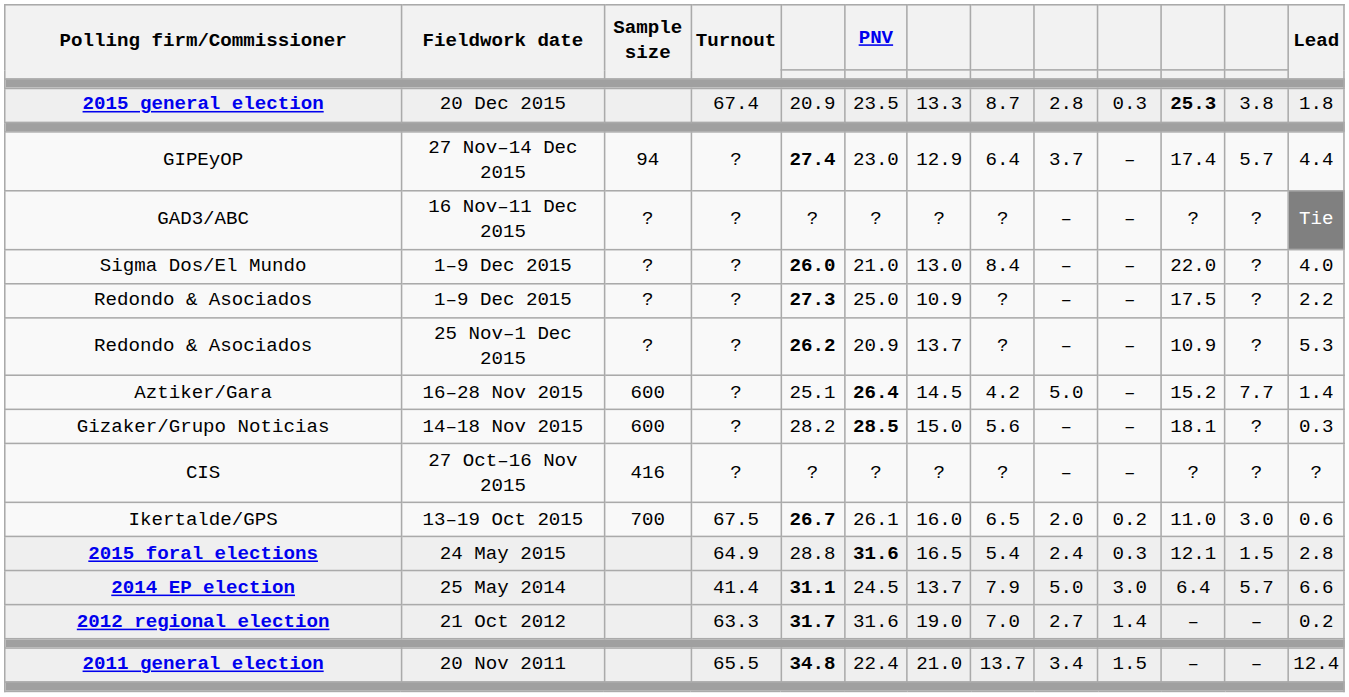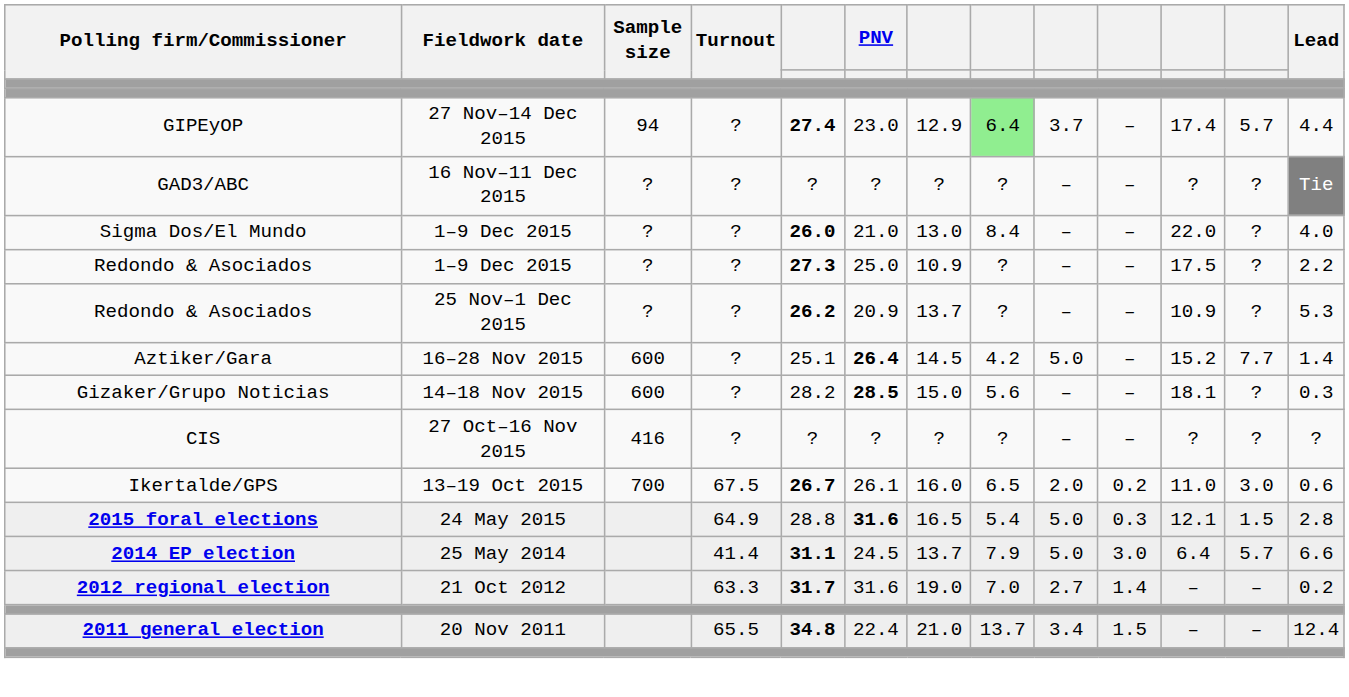 <table class="wikitable collapsible collapsed" style="text-align:center; font-size:95%; line-height:16px;">
 <tr style="height:42px; background-color:#E9E9E9">
 <th style="width:250px;" rowspan="2">Polling firm/Commissioner</th>
 <th style="width:125px;" rowspan="2">Fieldwork date</th>
 <th style="width:50px;" rowspan="2">Sample size</th>
 <th style="width:45px;" rowspan="2">Turnout</th>
 <th style="width:35px;"><br></th>
 <th style="width:35px;"><a href='#'>PNV</a></th>
 <th style="width:35px;"></th>
 <th style="width:35px;"></th>
 <th style="width:35px;"></th>
 <th style="width:35px;"></th>
 <th style="width:35px;"></th>
 <th style="width:35px;"></th>
 <th style="width:30px;" rowspan="2">Lead</th>
 </tr>
 <tr>
 <th style="color:inherit;background:"></th>
 <th style="color:inherit;background:"></th>
 <th style="color:inherit;background:"></th>
 <th style="color:inherit;background:"></th>
 <th style="color:inherit;background:"></th>
 <th style="color:inherit;background:"></th>
 <th style="color:inherit;background:"></th>
 <th style="color:inherit;background:"></th>
 </tr>
 <tr>
 <td colspan="13" style="background:#A0A0A0"></td>
 </tr>
-<tr style="background:#EFEFEF;">
-<td><strong><a href='#'>2015 general election</a></strong></td>
-<td>20 Dec 2015</td>
-<td></td>
-<td>67.4</td>
-<td>20.9<br></td>
-<td>23.5<br></td>
-<td>13.3<br></td>
-<td>8.7<br></td>
-<td>2.8<br></td>
-<td>0.3<br></td>
-<td><strong>25.3</strong><br></td>
-<td>3.8<br></td>
-<td style="background:">1.8</td>
-</tr>
 <tr>
 <td colspan="13" style="background:#A0A0A0"></td>
 </tr>
 <tr>
 <td>GIPEyOP</td>
 <td>27 Nov–14 Dec 2015</td>
 <td>94</td>
 <td>?</td>
 <td><strong>27.4</strong><br></td>
 <td>23.0<br></td>
 <td>12.9<br></td>
-<td>6.4<br></td>
+<td style="background: lightgreen;">6.4<br></td>
 <td>3.7<br></td>
 <td>–</td>
 <td>17.4<br></td>
 <td>5.7<br></td>
 <td style="background:">4.4</td>
 </tr>
 <tr>
 <td>GAD3/ABC</td>
 <td>16 Nov–11 Dec 2015</td>
 <td>?</td>
 <td>?</td>
 <td>?<br></td>
 <td>?<br></td>
 <td>?<br></td>
 <td>?<br></td>
 <td>–</td>
 <td>–</td>
 <td>?<br></td>
 <td>?<br></td>
 <td style="background:gray;color:white;">Tie</td>
 </tr>
 <tr>
 <td>Sigma Dos/El Mundo</td>
 <td>1–9 Dec 2015</td>
 <td>?</td>
 <td>?</td>
 <td><strong>26.0</strong><br></td>
 <td>21.0<br></td>
 <td>13.0<br></td>
 <td>8.4<br></td>
 <td>–</td>
 <td>–</td>
 <td>22.0<br></td>
 <td>?<br></td>
 <td style="background:">4.0</td>
 </tr>
 <tr>
 <td>Redondo & Asociados</td>
 <td>1–9 Dec 2015</td>
 <td>?</td>
 <td>?</td>
 <td><strong>27.3</strong><br></td>
 <td>25.0<br></td>
 <td>10.9<br></td>
 <td>?<br></td>
 <td>–</td>
 <td>–</td>
 <td>17.5<br></td>
 <td>?<br></td>
 <td style="background:">2.2</td>
 </tr>
 <tr>
 <td>Redondo & Asociados</td>
 <td>25 Nov–1 Dec 2015</td>
 <td>?</td>
 <td>?</td>
 <td><strong>26.2</strong><br></td>
 <td>20.9<br></td>
 <td>13.7<br></td>
 <td>?<br></td>
 <td>–</td>
 <td>–</td>
 <td>10.9<br></td>
 <td>?<br></td>
 <td style="background:">5.3</td>
 </tr>
 <tr>
 <td>Aztiker/Gara</td>
 <td>16–28 Nov 2015</td>
 <td>600</td>
 <td>?</td>
 <td>25.1<br></td>
 <td><strong>26.4</strong><br></td>
 <td>14.5<br></td>
 <td>4.2<br></td>
 <td>5.0<br></td>
 <td>–</td>
 <td>15.2<br></td>
 <td>7.7<br></td>
 <td style="background:">1.4</td>
 </tr>
 <tr>
 <td>Gizaker/Grupo Noticias</td>
 <td>14–18 Nov 2015</td>
 <td>600</td>
 <td>?</td>
 <td>28.2<br></td>
 <td><strong>28.5</strong><br></td>
 <td>15.0<br></td>
 <td>5.6<br></td>
 <td>–</td>
 <td>–</td>
 <td>18.1<br></td>
 <td>?<br></td>
 <td style="background:">0.3</td>
 </tr>
 <tr>
 <td>CIS</td>
 <td>27 Oct–16 Nov 2015</td>
 <td>416</td>
 <td>?</td>
 <td>?<br></td>
 <td>?<br></td>
 <td>?<br></td>
 <td>?<br></td>
 <td>–</td>
 <td>–</td>
 <td>?<br></td>
 <td>?<br></td>
 <td style="background:">?</td>
 </tr>
 <tr>
 <td>Ikertalde/GPS</td>
 <td>13–19 Oct 2015</td>
 <td>700</td>
 <td>67.5</td>
 <td><strong>26.7</strong><br></td>
 <td>26.1<br></td>
 <td>16.0<br></td>
 <td>6.5<br></td>
 <td>2.0<br></td>
 <td>0.2<br></td>
 <td>11.0<br></td>
 <td>3.0<br></td>
 <td style="background:">0.6</td>
 </tr>
 <tr style="background:#EFEFEF;">
 <td><strong><a href='#'>2015 foral elections</a></strong></td>
 <td>24 May 2015</td>
 <td></td>
 <td>64.9</td>
 <td>28.8<br></td>
 <td><strong>31.6</strong><br></td>
 <td>16.5<br></td>
 <td>5.4<br></td>
-<td>2.4<br></td>
+<td>5.0<br></td>
 <td>0.3<br></td>
 <td>12.1<br></td>
 <td>1.5<br></td>
 <td style="background:">2.8</td>
 </tr>
 <tr style="background:#EFEFEF;">
 <td><strong><a href='#'>2014 EP election</a></strong></td>
 <td>25 May 2014</td>
 <td></td>
 <td>41.4</td>
 <td><strong>31.1</strong><br></td>
 <td>24.5<br></td>
 <td>13.7<br></td>
 <td>7.9<br></td>
 <td>5.0<br></td>
 <td>3.0<br></td>
 <td>6.4<br></td>
 <td>5.7<br></td>
 <td style="background:">6.6</td>
 </tr>
 <tr style="background:#EFEFEF;">
 <td><strong><a href='#'>2012 regional election</a></strong></td>
 <td>21 Oct 2012</td>
 <td></td>
 <td>63.3</td>
 <td><strong>31.7</strong><br></td>
 <td>31.6<br></td>
 <td>19.0<br></td>
 <td>7.0<br></td>
 <td>2.7<br></td>
 <td>1.4<br></td>
 <td>–</td>
 <td>–</td>
 <td style="background:">0.2</td>
 </tr>
 <tr>
 <td colspan="13" style="background:#A0A0A0"></td>
 </tr>
 <tr style="background:#EFEFEF;">
 <td><strong><a href='#'>2011 general election</a></strong></td>
 <td>20 Nov 2011</td>
 <td></td>
 <td>65.5</td>
 <td><strong>34.8</strong><br></td>
 <td>22.4<br></td>
 <td>21.0<br></td>
 <td>13.7<br></td>
 <td>3.4<br></td>
 <td>1.5<br></td>
 <td>–</td>
 <td>–</td>
 <td style="background:">12.4</td>
 </tr>
 <tr>
 <td colspan="13" style="background:#A0A0A0"></td>
 </tr>
 </table>
